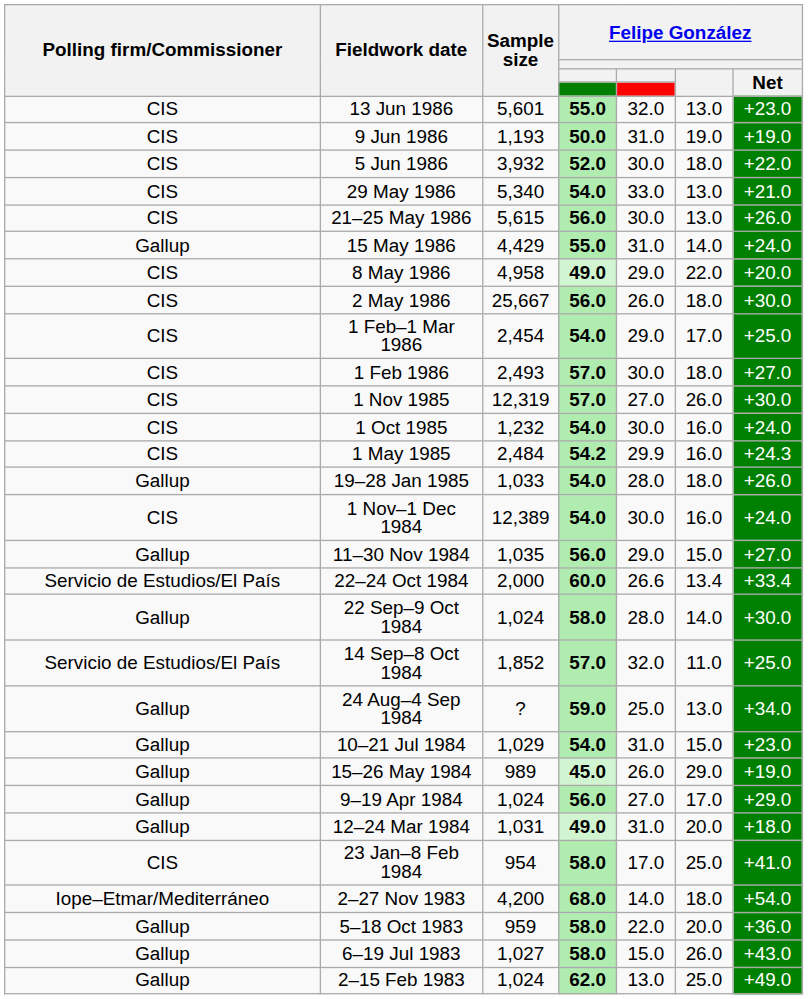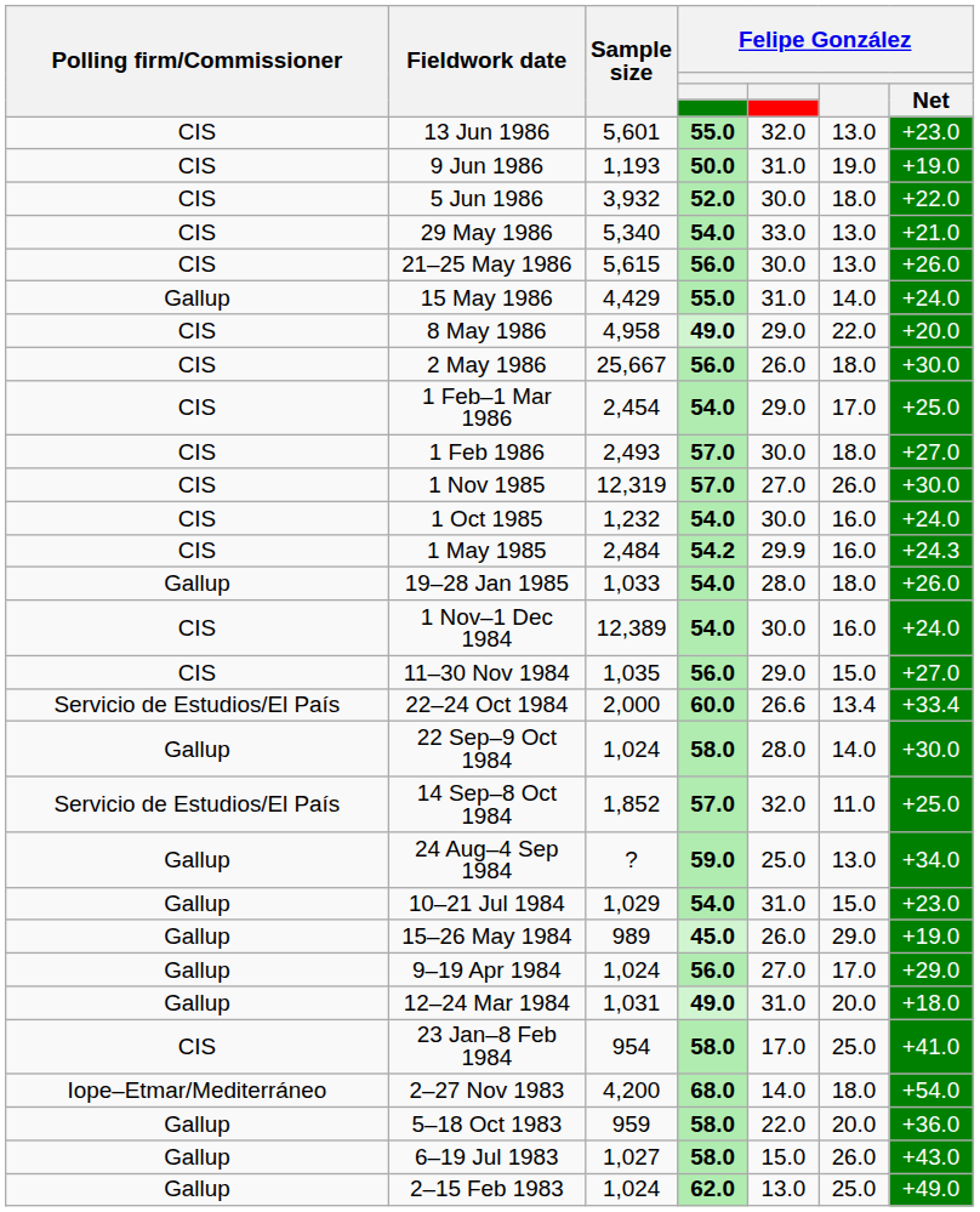 <table class="wikitable collapsible collapsed" style="text-align:center; font-size:90%; line-height:14px;">
 <tr style="height:42px;">
 <th style="width:250px;" rowspan="4">Polling firm/Commissioner</th>
 <th style="width:125px;" rowspan="4">Fieldwork date</th>
 <th style="width:50px;" rowspan="4">Sample size</th>
 <th style="width:185px;" colspan="4"><a href='#'>Felipe González</a><br></th>
 </tr>
 <tr>
 <th colspan="4" style="background:"></th>
 </tr>
 <tr>
 <th style="width:30px;"></th>
 <th style="width:30px;"></th>
 <th style="width:30px;" rowspan="2"></th>
 <th style="width:30px;" rowspan="2">Net</th>
 </tr>
 <tr>
 <th style="color:inherit;background:#008000;"></th>
 <th style="color:inherit;background:#FF0000;"></th>
 </tr>
 <tr>
 <td>CIS</td>
 <td>13 Jun 1986</td>
 <td>5,601</td>
 <td style="background:#B0ECB0;"><strong>55.0</strong></td>
 <td>32.0</td>
 <td>13.0</td>
 <td style="background:#008000; color:white;">+23.0</td>
 </tr>
 <tr>
 <td>CIS</td>
 <td>9 Jun 1986</td>
 <td>1,193</td>
 <td style="background:#B0ECB0;"><strong>50.0</strong></td>
 <td>31.0</td>
 <td>19.0</td>
 <td style="background:#008000; color:white;">+19.0</td>
 </tr>
 <tr>
 <td>CIS</td>
 <td>5 Jun 1986</td>
 <td>3,932</td>
 <td style="background:#B0ECB0;"><strong>52.0</strong></td>
 <td>30.0</td>
 <td>18.0</td>
 <td style="background:#008000; color:white;">+22.0</td>
 </tr>
 <tr>
 <td>CIS</td>
 <td>29 May 1986</td>
 <td>5,340</td>
 <td style="background:#B0ECB0;"><strong>54.0</strong></td>
 <td>33.0</td>
 <td>13.0</td>
 <td style="background:#008000; color:white;">+21.0</td>
 </tr>
 <tr>
 <td>CIS</td>
 <td>21–25 May 1986</td>
 <td>5,615</td>
 <td style="background:#B0ECB0;"><strong>56.0</strong></td>
 <td>30.0</td>
 <td>13.0</td>
 <td style="background:#008000; color:white;">+26.0</td>
 </tr>
 <tr>
 <td>Gallup</td>
 <td>15 May 1986</td>
 <td>4,429</td>
 <td style="background:#B0ECB0;"><strong>55.0</strong></td>
 <td>31.0</td>
 <td>14.0</td>
 <td style="background:#008000; color:white;">+24.0</td>
 </tr>
 <tr>
 <td>CIS</td>
 <td>8 May 1986</td>
 <td>4,958</td>
 <td style="background:#D1F5D1;"><strong>49.0</strong></td>
 <td>29.0</td>
 <td>22.0</td>
 <td style="background:#008000; color:white;">+20.0</td>
 </tr>
 <tr>
 <td>CIS</td>
 <td>2 May 1986</td>
 <td>25,667</td>
 <td style="background:#B0ECB0;"><strong>56.0</strong></td>
 <td>26.0</td>
 <td>18.0</td>
 <td style="background:#008000; color:white;">+30.0</td>
 </tr>
 <tr>
 <td>CIS</td>
 <td>1 Feb–1 Mar 1986</td>
 <td>2,454</td>
 <td style="background:#B0ECB0;"><strong>54.0</strong></td>
 <td>29.0</td>
 <td>17.0</td>
 <td style="background:#008000; color:white;">+25.0</td>
 </tr>
 <tr>
 <td>CIS</td>
 <td>1 Feb 1986</td>
 <td>2,493</td>
 <td style="background:#B0ECB0;"><strong>57.0</strong></td>
 <td>30.0</td>
 <td>18.0</td>
 <td style="background:#008000; color:white;">+27.0</td>
 </tr>
 <tr>
 <td>CIS</td>
 <td>1 Nov 1985</td>
 <td>12,319</td>
 <td style="background:#B0ECB0;"><strong>57.0</strong></td>
 <td>27.0</td>
 <td>26.0</td>
 <td style="background:#008000; color:white;">+30.0</td>
 </tr>
 <tr>
 <td>CIS</td>
 <td>1 Oct 1985</td>
 <td>1,232</td>
 <td style="background:#B0ECB0;"><strong>54.0</strong></td>
 <td>30.0</td>
 <td>16.0</td>
 <td style="background:#008000; color:white;">+24.0</td>
 </tr>
 <tr>
 <td>CIS</td>
 <td>1 May 1985</td>
 <td>2,484</td>
 <td style="background:#B0ECB0;"><strong>54.2</strong></td>
 <td>29.9</td>
 <td>16.0</td>
 <td style="background:#008000; color:white;">+24.3</td>
 </tr>
 <tr>
 <td>Gallup</td>
 <td>19–28 Jan 1985</td>
 <td>1,033</td>
 <td style="background:#B0ECB0;"><strong>54.0</strong></td>
 <td>28.0</td>
 <td>18.0</td>
 <td style="background:#008000; color:white;">+26.0</td>
 </tr>
 <tr>
 <td>CIS</td>
 <td>1 Nov–1 Dec 1984</td>
 <td>12,389</td>
 <td style="background:#B0ECB0;"><strong>54.0</strong></td>
 <td>30.0</td>
 <td>16.0</td>
 <td style="background:#008000; color:white;">+24.0</td>
 </tr>
 <tr>
-<td>Gallup</td>
+<td>CIS</td>
 <td>11–30 Nov 1984</td>
 <td>1,035</td>
 <td style="background:#B0ECB0;"><strong>56.0</strong></td>
 <td>29.0</td>
 <td>15.0</td>
 <td style="background:#008000; color:white;">+27.0</td>
 </tr>
 <tr>
 <td>Servicio de Estudios/El País</td>
 <td>22–24 Oct 1984</td>
 <td>2,000</td>
 <td style="background:#B0ECB0;"><strong>60.0</strong></td>
 <td>26.6</td>
 <td>13.4</td>
 <td style="background:#008000; color:white;">+33.4</td>
 </tr>
 <tr>
 <td>Gallup</td>
 <td>22 Sep–9 Oct 1984</td>
 <td>1,024</td>
 <td style="background:#B0ECB0;"><strong>58.0</strong></td>
 <td>28.0</td>
 <td>14.0</td>
 <td style="background:#008000; color:white;">+30.0</td>
 </tr>
 <tr>
 <td>Servicio de Estudios/El País</td>
 <td>14 Sep–8 Oct 1984</td>
 <td>1,852</td>
 <td style="background:#B0ECB0;"><strong>57.0</strong></td>
 <td>32.0</td>
 <td>11.0</td>
 <td style="background:#008000; color:white;">+25.0</td>
 </tr>
 <tr>
 <td>Gallup</td>
 <td>24 Aug–4 Sep 1984</td>
 <td>?</td>
 <td style="background:#B0ECB0;"><strong>59.0</strong></td>
 <td>25.0</td>
 <td>13.0</td>
 <td style="background:#008000; color:white;">+34.0</td>
 </tr>
 <tr>
 <td>Gallup</td>
 <td>10–21 Jul 1984</td>
 <td>1,029</td>
 <td style="background:#B0ECB0;"><strong>54.0</strong></td>
 <td>31.0</td>
 <td>15.0</td>
 <td style="background:#008000; color:white;">+23.0</td>
 </tr>
 <tr>
 <td>Gallup</td>
 <td>15–26 May 1984</td>
 <td>989</td>
 <td style="background:#D1F5D1;"><strong>45.0</strong></td>
 <td>26.0</td>
 <td>29.0</td>
 <td style="background:#008000; color:white;">+19.0</td>
 </tr>
 <tr>
 <td>Gallup</td>
 <td>9–19 Apr 1984</td>
 <td>1,024</td>
 <td style="background:#B0ECB0;"><strong>56.0</strong></td>
 <td>27.0</td>
 <td>17.0</td>
 <td style="background:#008000; color:white;">+29.0</td>
 </tr>
 <tr>
 <td>Gallup</td>
 <td>12–24 Mar 1984</td>
 <td>1,031</td>
 <td style="background:#D1F5D1;"><strong>49.0</strong></td>
 <td>31.0</td>
 <td>20.0</td>
 <td style="background:#008000; color:white;">+18.0</td>
 </tr>
 <tr>
 <td>CIS</td>
 <td>23 Jan–8 Feb 1984</td>
 <td>954</td>
 <td style="background:#B0ECB0;"><strong>58.0</strong></td>
 <td>17.0</td>
 <td>25.0</td>
 <td style="background:#008000; color:white;">+41.0</td>
 </tr>
 <tr>
 <td>Iope–Etmar/Mediterráneo</td>
 <td>2–27 Nov 1983</td>
 <td>4,200</td>
 <td style="background:#B0ECB0;"><strong>68.0</strong></td>
 <td>14.0</td>
 <td>18.0</td>
 <td style="background:#008000; color:white;">+54.0</td>
 </tr>
 <tr>
 <td>Gallup</td>
 <td>5–18 Oct 1983</td>
 <td>959</td>
 <td style="background:#B0ECB0;"><strong>58.0</strong></td>
 <td>22.0</td>
 <td>20.0</td>
 <td style="background:#008000; color:white;">+36.0</td>
 </tr>
 <tr>
 <td>Gallup</td>
 <td>6–19 Jul 1983</td>
 <td>1,027</td>
 <td style="background:#B0ECB0;"><strong>58.0</strong></td>
 <td>15.0</td>
 <td>26.0</td>
 <td style="background:#008000; color:white;">+43.0</td>
 </tr>
 <tr>
 <td>Gallup</td>
 <td>2–15 Feb 1983</td>
 <td>1,024</td>
 <td style="background:#B0ECB0;"><strong>62.0</strong></td>
 <td>13.0</td>
 <td>25.0</td>
 <td style="background:#008000; color:white;">+49.0</td>
 </tr>
 </table>
